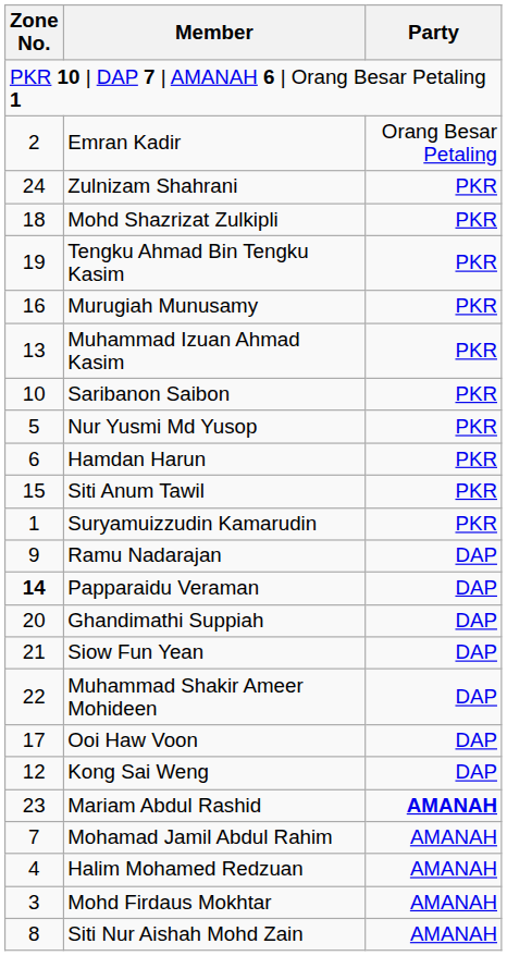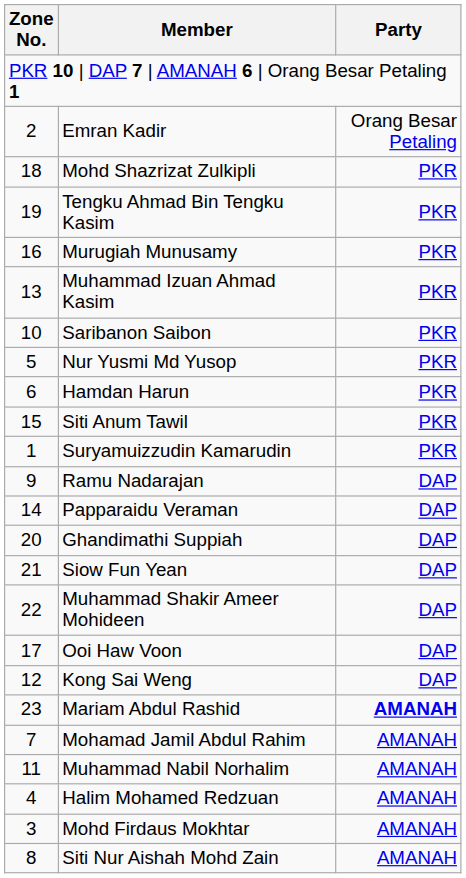 <table class="wikitable">
 <tr>
 <th width="30">Zone No.</th>
 <th width="230">Member</th>
 <th width="100">Party</th>
 </tr>
 <tr>
 <td colspan="3"><a href='#'>PKR</a> <strong>10</strong> | <a href='#'>DAP</a> <strong>7</strong>  |  <a href='#'>AMANAH</a> <strong>6</strong> | Orang Besar Petaling <strong>1</strong></td>
 </tr>
 <tr>
 <td align="center">2</td>
 <td>Emran Kadir</td>
 <td align="right">Orang Besar <a href='#'>Petaling</a></td>
-</tr>
-<tr>
-<td align="center">24</td>
-<td>Zulnizam Shahrani</td>
-<td align="right"><a href='#'>PKR</a></td>
 </tr>
 <tr>
 <td align="center">18</td>
 <td>Mohd Shazrizat Zulkipli</td>
 <td align="right"><a href='#'>PKR</a></td>
 </tr>
 <tr>
 <td align="center">19</td>
 <td>Tengku Ahmad Bin Tengku Kasim</td>
 <td align="right"><a href='#'>PKR</a></td>
 </tr>
 <tr>
 <td align="center">16</td>
 <td>Murugiah Munusamy</td>
 <td align="right"><a href='#'>PKR</a></td>
 </tr>
 <tr>
 <td align="center">13</td>
 <td>Muhammad Izuan Ahmad Kasim</td>
 <td align="right"><a href='#'>PKR</a></td>
 </tr>
 <tr>
 <td align="center">10</td>
 <td>Saribanon Saibon</td>
 <td align="right"><a href='#'>PKR</a></td>
 </tr>
 <tr>
 <td align="center">5</td>
 <td>Nur Yusmi Md Yusop</td>
 <td align="right"><a href='#'>PKR</a></td>
 </tr>
 <tr>
 <td align="center">6</td>
 <td>Hamdan Harun</td>
 <td align="right"><a href='#'>PKR</a></td>
 </tr>
 <tr>
 <td align="center">15</td>
 <td>Siti Anum Tawil</td>
 <td align="right"><a href='#'>PKR</a></td>
 </tr>
 <tr>
 <td align="center">1</td>
 <td>Suryamuizzudin Kamarudin</td>
 <td align="right"><a href='#'>PKR</a></td>
 </tr>
 <tr>
 <td align="center">9</td>
 <td>Ramu Nadarajan</td>
 <td align="right"><a href='#'>DAP</a></td>
 </tr>
 <tr>
-<td align="center"><strong>14</strong></td>
+<td align="center">14</td>
 <td>Papparaidu Veraman</td>
 <td align="right"><a href='#'>DAP</a></td>
 </tr>
 <tr>
 <td align="center">20</td>
 <td>Ghandimathi Suppiah</td>
 <td align="right"><a href='#'>DAP</a></td>
 </tr>
 <tr>
 <td align="center">21</td>
 <td>Siow Fun Yean</td>
 <td align="right"><a href='#'>DAP</a></td>
 </tr>
 <tr>
 <td align="center">22</td>
 <td>Muhammad Shakir Ameer Mohideen</td>
 <td align="right"><a href='#'>DAP</a></td>
 </tr>
 <tr>
 <td align="center">17</td>
 <td>Ooi Haw Voon</td>
 <td align="right"><a href='#'>DAP</a></td>
 </tr>
 <tr>
 <td align="center">12</td>
 <td>Kong Sai Weng</td>
 <td align="right"><a href='#'>DAP</a></td>
 </tr>
 <tr>
 <td align="center">23</td>
 <td>Mariam Abdul Rashid</td>
 <td align="right"><strong><a href='#'>AMANAH</a></strong></td>
 </tr>
 <tr>
 <td align="center">7</td>
 <td>Mohamad Jamil Abdul Rahim</td>
 <td align="right"><a href='#'>AMANAH</a></td>
 </tr>
 <tr>
+<td align="center">11</td>
+<td>Muhammad Nabil Norhalim</td>
+<td align="right"><a href='#'>AMANAH</a></td>
+</tr>
+<tr>
 <td align="center">4</td>
 <td>Halim Mohamed Redzuan</td>
 <td align="right"><a href='#'>AMANAH</a></td>
 </tr>
 <tr>
 <td align="center">3</td>
 <td>Mohd Firdaus Mokhtar</td>
 <td align="right"><a href='#'>AMANAH</a></td>
 </tr>
 <tr>
 <td align="center">8</td>
 <td>Siti Nur Aishah Mohd Zain</td>
 <td align="right"><a href='#'>AMANAH</a></td>
 </tr>
 </table>
